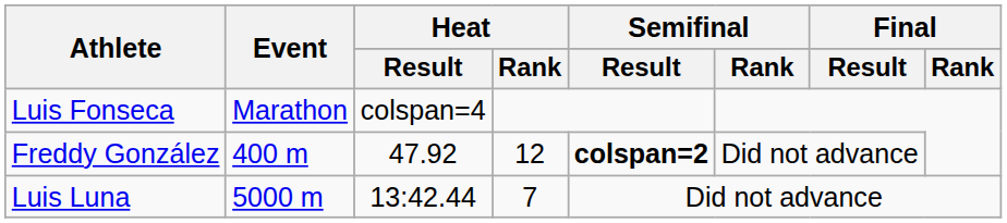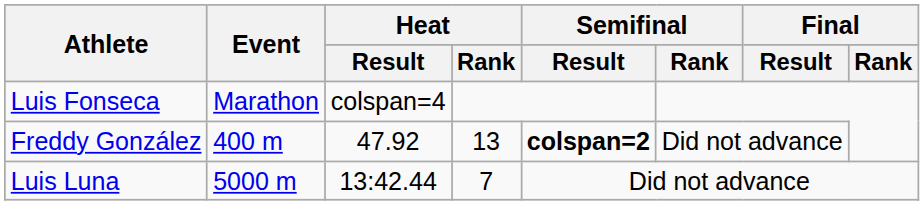 <table class=wikitable style="font-size:90%">
 <tr>
 <th rowspan="2">Athlete</th>
 <th rowspan="2">Event</th>
 <th colspan="2">Heat</th>
 <th colspan="2">Semifinal</th>
 <th colspan="2">Final</th>
 </tr>
 <tr style="font-size:95%">
 <th>Result</th>
 <th>Rank</th>
 <th>Result</th>
 <th>Rank</th>
 <th>Result</th>
 <th>Rank</th>
 </tr>
 <tr align=center>
 <td align=left><a href='#'>Luis Fonseca</a></td>
 <td align=left><a href='#'>Marathon</a></td>
 <td>colspan=4 </td>
 <td colspan=2></td>
 </tr>
 <tr align=center>
 <td align=left><a href='#'>Freddy González</a></td>
 <td align=left><a href='#'>400 m</a></td>
 <td>47.92</td>
-<td>12</td>
+<td>13</td>
 <td><strong>colspan=2 </strong></td>
 <td colspan=2>Did not advance</td>
 </tr>
 <tr align=center>
 <td align=left><a href='#'>Luis Luna</a></td>
 <td align=left><a href='#'>5000 m</a></td>
 <td>13:42.44</td>
 <td>7</td>
 <td colspan=4>Did not advance</td>
 </tr>
 </table>
